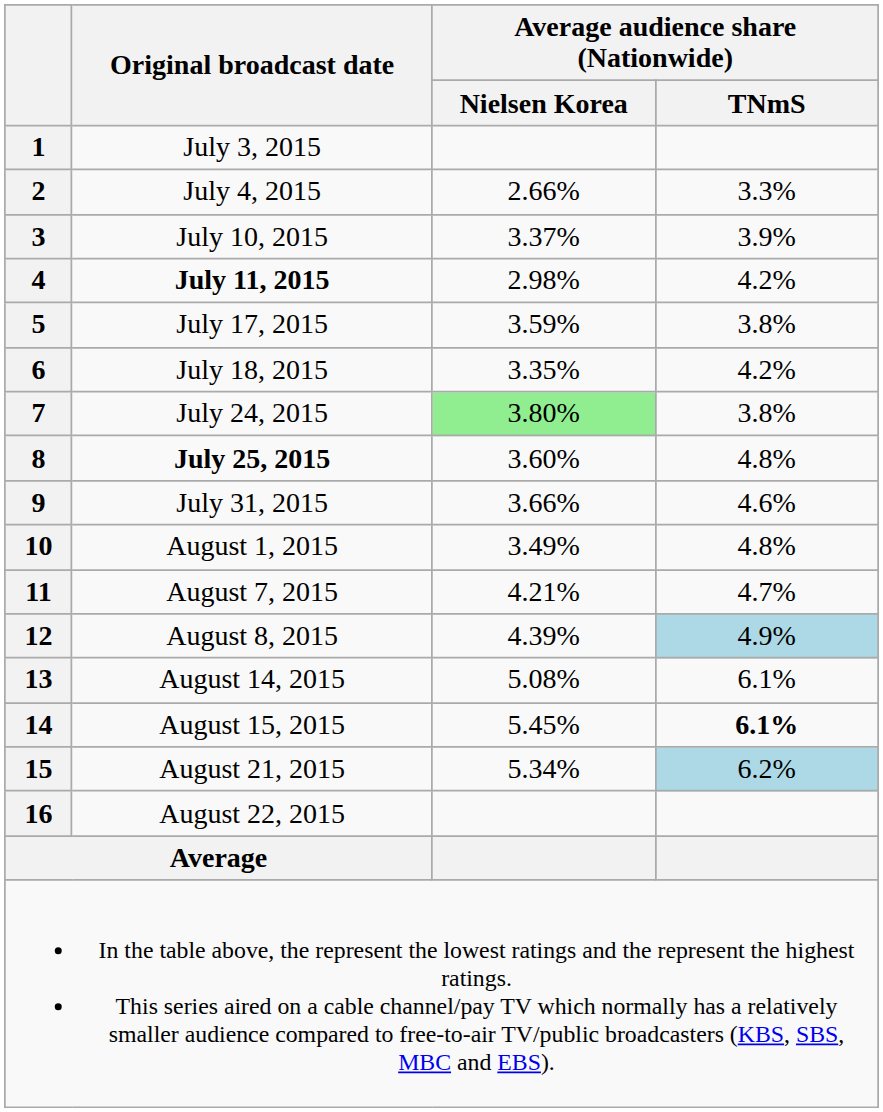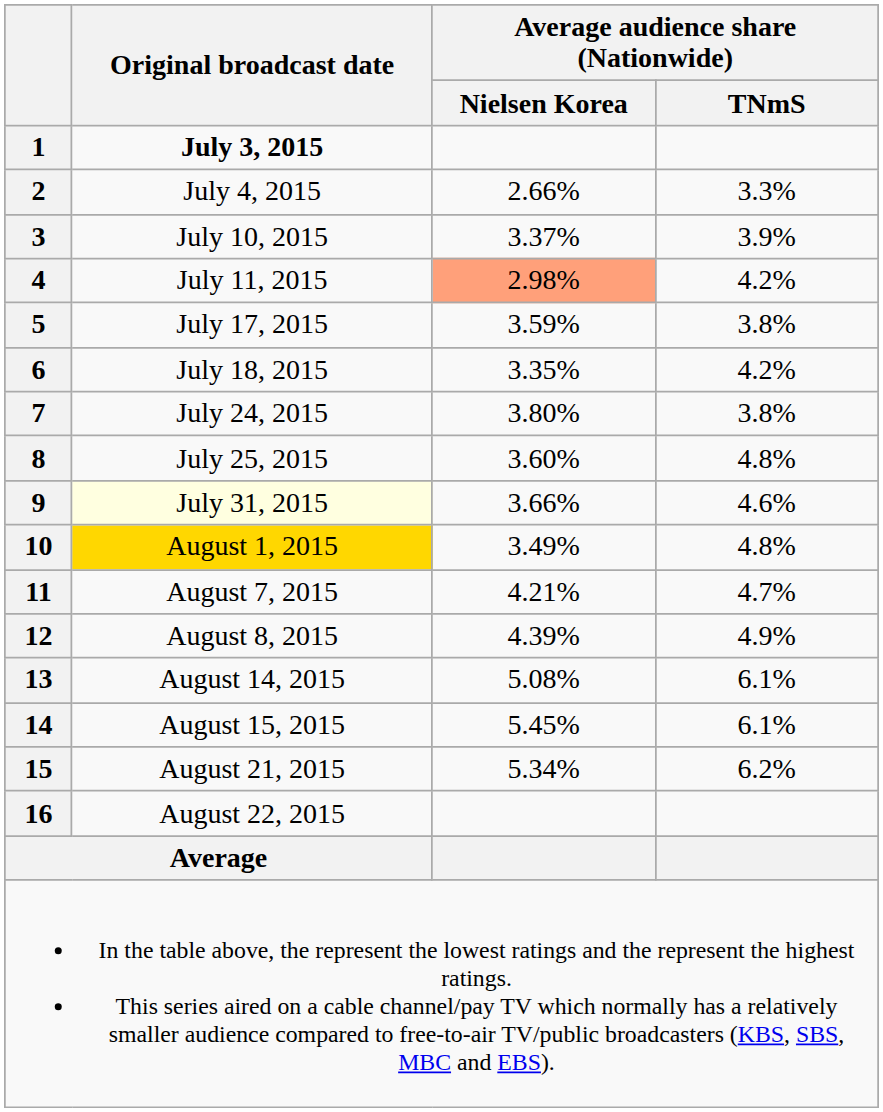 <table class="wikitable" style="width:500px; text-align:center">
 <tr>
 <th rowspan="2"></th>
 <th rowspan="2">Original broadcast date</th>
 <th colspan="2">Average audience share<br>(Nationwide)</th>
 </tr>
 <tr>
 <th width="120">Nielsen Korea</th>
 <th width="120">TNmS</th>
 </tr>
 <tr>
 <th>1</th>
-<td>July 3, 2015</td>
+<td><strong>July 3, 2015</strong></td>
 <td></td>
 <td></td>
 </tr>
 <tr>
 <th>2</th>
 <td>July 4, 2015</td>
 <td>2.66%</td>
 <td>3.3%</td>
 </tr>
 <tr>
 <th>3</th>
 <td>July 10, 2015</td>
 <td>3.37%</td>
 <td>3.9%</td>
 </tr>
 <tr>
 <th>4</th>
-<td><strong>July 11, 2015</strong></td>
-<td>2.98%</td>
+<td>July 11, 2015</td>
+<td style="background: lightsalmon;">2.98%</td>
 <td>4.2%</td>
 </tr>
 <tr>
 <th>5</th>
 <td>July 17, 2015</td>
 <td>3.59%</td>
 <td>3.8%</td>
 </tr>
 <tr>
 <th>6</th>
 <td>July 18, 2015</td>
 <td>3.35%</td>
 <td>4.2%</td>
 </tr>
 <tr>
 <th>7</th>
 <td>July 24, 2015</td>
-<td style="background: lightgreen;">3.80%</td>
+<td>3.80%</td>
 <td>3.8%</td>
 </tr>
 <tr>
 <th>8</th>
-<td><strong>July 25, 2015</strong></td>
+<td>July 25, 2015</td>
 <td>3.60%</td>
 <td>4.8%</td>
 </tr>
 <tr>
 <th>9</th>
-<td>July 31, 2015</td>
+<td style="background: lightyellow;">July 31, 2015</td>
 <td>3.66%</td>
 <td>4.6%</td>
 </tr>
 <tr>
 <th>10</th>
-<td>August 1, 2015</td>
+<td style="background: gold;">August 1, 2015</td>
 <td>3.49%</td>
 <td>4.8%</td>
 </tr>
 <tr>
 <th>11</th>
 <td>August 7, 2015</td>
 <td>4.21%</td>
 <td>4.7%</td>
 </tr>
 <tr>
 <th>12</th>
 <td>August 8, 2015</td>
 <td>4.39%</td>
-<td style="background: lightblue;">4.9%</td>
+<td>4.9%</td>
 </tr>
 <tr>
 <th>13</th>
 <td>August 14, 2015</td>
 <td>5.08%</td>
 <td>6.1%</td>
 </tr>
 <tr>
 <th>14</th>
 <td>August 15, 2015</td>
 <td>5.45%</td>
-<td><strong>6.1%</strong></td>
+<td>6.1%</td>
 </tr>
 <tr>
 <th>15</th>
 <td>August 21, 2015</td>
 <td>5.34%</td>
-<td style="background: lightblue;">6.2%</td>
+<td>6.2%</td>
 </tr>
 <tr>
 <th>16</th>
 <td>August 22, 2015</td>
 <td></td>
 <td></td>
 </tr>
 <tr>
 <th colspan="2">Average</th>
 <th></th>
 <th></th>
 </tr>
 <tr>
 <td colspan="4" style="font-size:85%"><br><ul><li>In the table above, the <strong></strong> represent the lowest ratings and the <strong></strong> represent the highest ratings.</li><li>This series aired on a cable channel/pay TV which normally has a relatively smaller audience compared to free-to-air TV/public broadcasters (<a href='#'>KBS</a>, <a href='#'>SBS</a>, <a href='#'>MBC</a> and <a href='#'>EBS</a>).</li></ul></td>
 </tr>
 </table>
